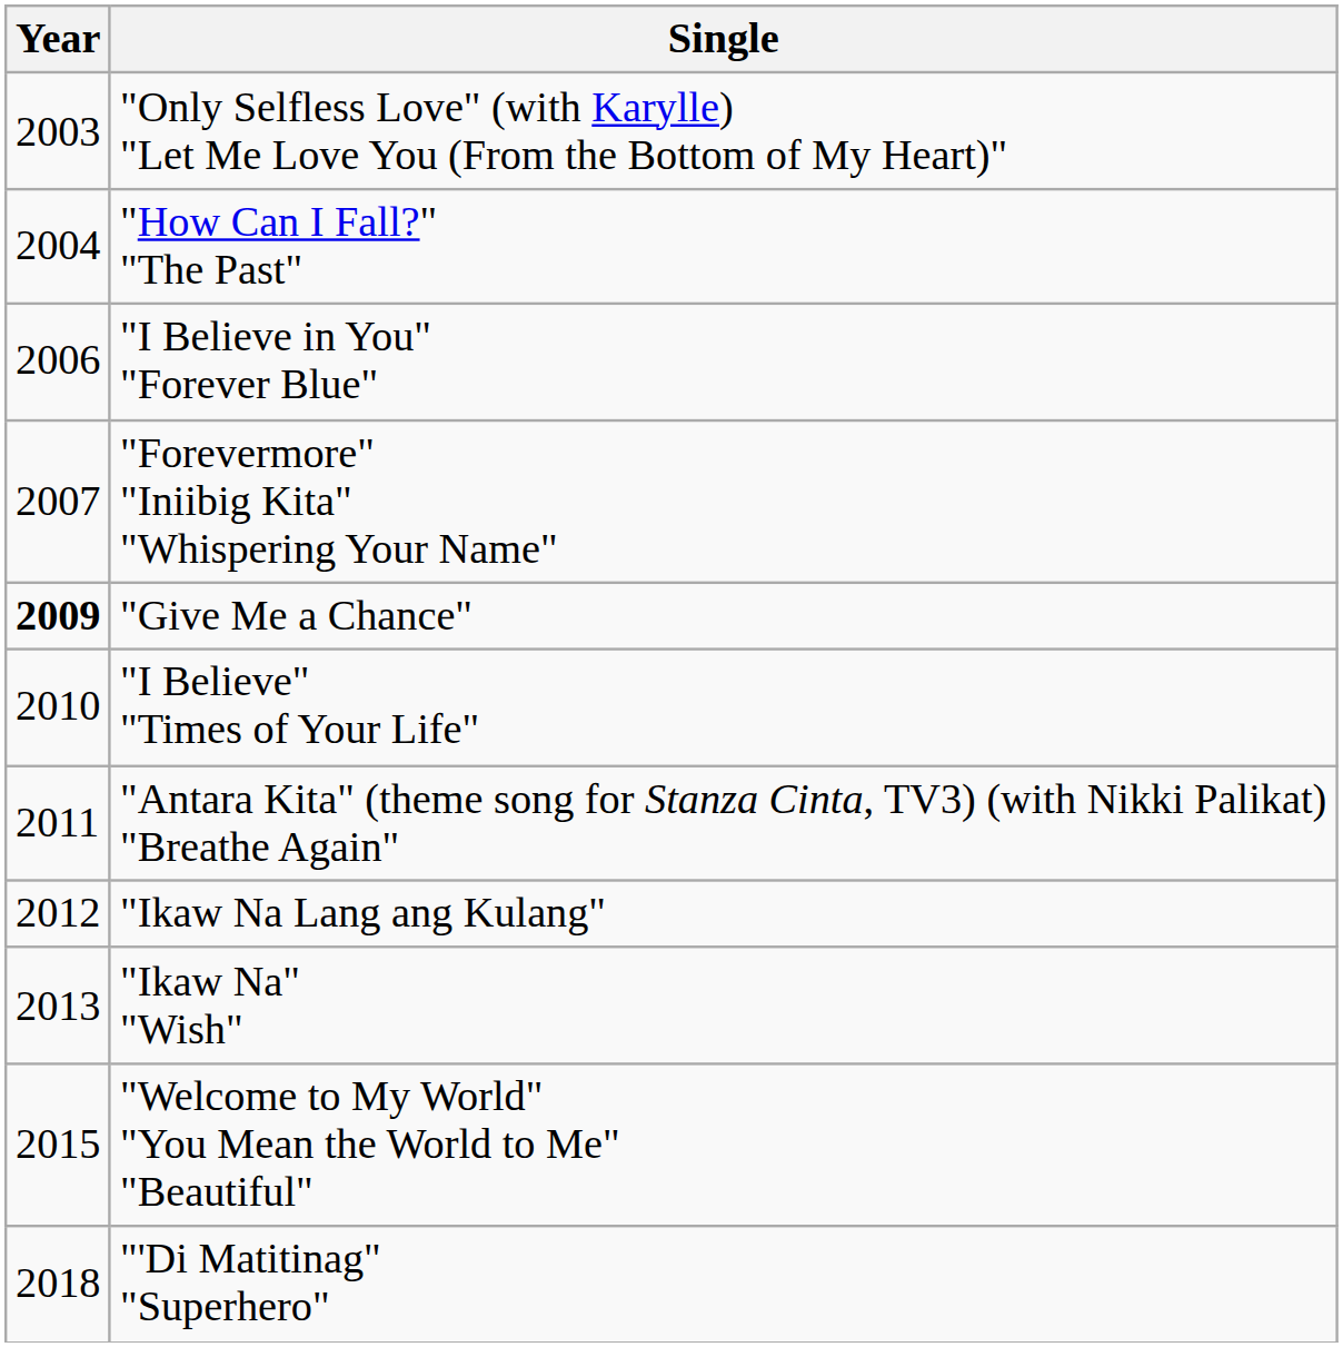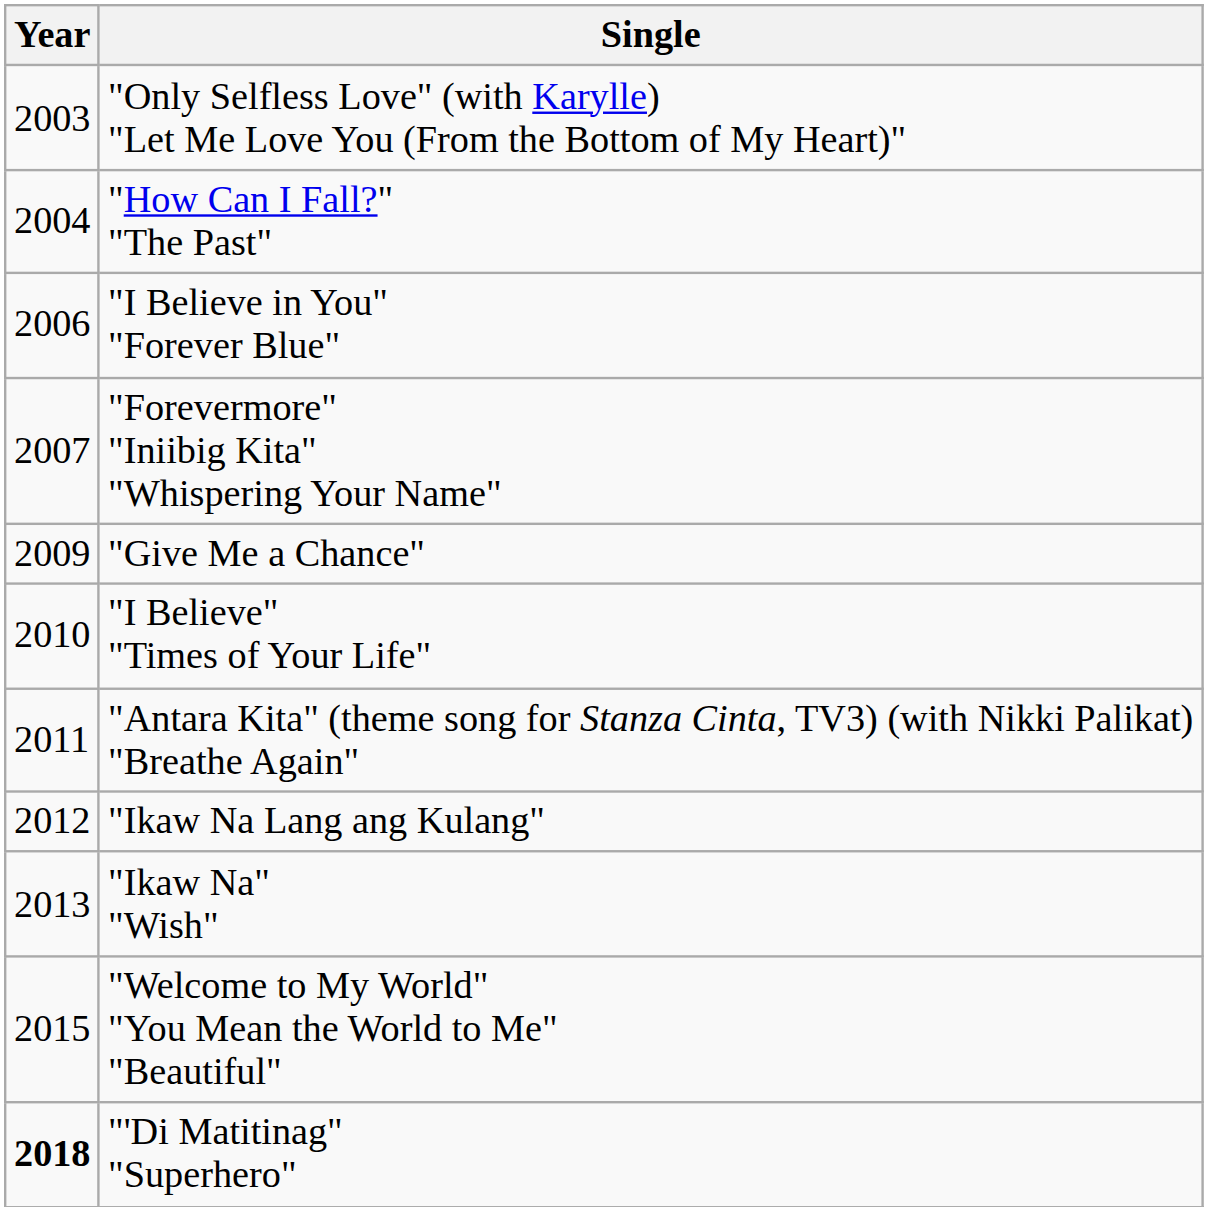 <table class= "wikitable">
 <tr>
 <th>Year</th>
 <th>Single</th>
 </tr>
 <tr>
 <td>2003</td>
 <td>"Only Selfless Love" (with <a href='#'>Karylle</a>)<br>"Let Me Love You (From the Bottom of My Heart)"</td>
 </tr>
 <tr>
 <td>2004</td>
 <td>"<a href='#'>How Can I Fall?</a>"<br>"The Past"</td>
 </tr>
 <tr>
 <td>2006</td>
 <td>"I Believe in You"<br>"Forever Blue"</td>
 </tr>
 <tr>
 <td>2007</td>
 <td>"Forevermore"<br>"Iniibig Kita"<br>"Whispering Your Name"</td>
 </tr>
 <tr>
-<td><strong>2009</strong></td>
+<td>2009</td>
 <td>"Give Me a Chance"</td>
 </tr>
 <tr>
 <td>2010</td>
 <td>"I Believe"<br>"Times of Your Life"</td>
 </tr>
 <tr>
 <td>2011</td>
 <td>"Antara Kita" (theme song for <em>Stanza Cinta</em>, TV3) (with Nikki Palikat)<br>"Breathe Again"</td>
 </tr>
 <tr>
 <td>2012</td>
 <td>"Ikaw Na Lang ang Kulang"</td>
 </tr>
 <tr>
 <td>2013</td>
 <td>"Ikaw Na"<br>"Wish"</td>
 </tr>
 <tr>
 <td>2015</td>
 <td>"Welcome to My World"<br>"You Mean the World to Me"<br>"Beautiful"</td>
 </tr>
 <tr>
-<td>2018</td>
+<td><strong>2018</strong></td>
 <td>"'Di Matitinag"<br>"Superhero"</td>
 </tr>
 <tr>
 </tr>
 </table>
